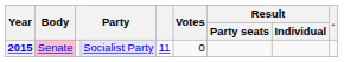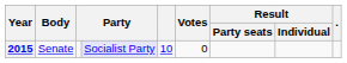 <table class="wikitable plainrowheaders sortable" border=2 cellpadding=4 cellspacing=0 style="border: 1px #aaa solid; font-size: 90%; text-align:center;">
 <tr>
 <th scope="col" rowspan=2>Year</th>
 <th scope="col" rowspan=2>Body</th>
 <th scope="col" colspan=2 rowspan=2>Party</th>
 <th scope="col" rowspan=2></th>
 <th scope="col" rowspan=2>Votes</th>
 <th scope="colgroup" colspan=2>Result</th>
 <th scope="col" rowspan=2 class="unsortable">.</th>
 </tr>
 <tr>
 <th scope="col">Party seats</th>
 <th scope="col">Individual</th>
 </tr>
 <tr>
 <th scope="row"><a href='#'>2015</a></th>
-<td style="background: pink;"><a href='#'>Senate</a></td>
+<td><a href='#'>Senate</a></td>
 <td style="background-color:"></td>
 <td style="background: lavender;"><a href='#'>Socialist Party</a></td>
-<td style=text-align:right><a href='#'>11</a></td>
+<td style=text-align:right><a href='#'>10</a></td>
 <td style=text-align:right>0</td>
 <td style=text-align:right></td>
 <td></td>
 <td></td>
 </tr>
 </table>
